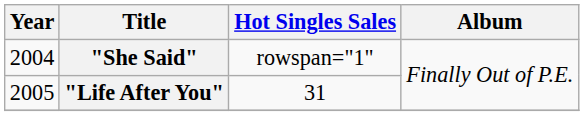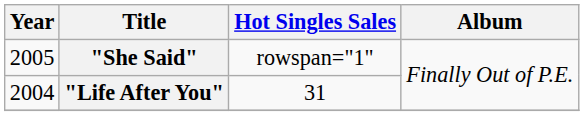 <table class="wikitable plainrowheaders unsortable" style="text-align:center;" border="1">
 <tr>
 <th scope="col">Year</th>
 <th scope="col">Title</th>
 <th scope="col"><a href='#'>Hot Singles Sales</a></th>
 <th scope="col">Album</th>
 </tr>
 <tr>
-<td rowspan="1">2004</td>
+<td rowspan="1">2005</td>
 <th scope="row">"She Said"</th>
 <td>rowspan="1" </td>
 <td rowspan="2"><em>Finally Out of P.E.</em></td>
 </tr>
 <tr>
-<td rowspan="1">2005</td>
+<td rowspan="1">2004</td>
 <th scope="row">"Life After You"</th>
 <td>31</td>
 </tr>
 <tr>
 </tr>
 </table>
